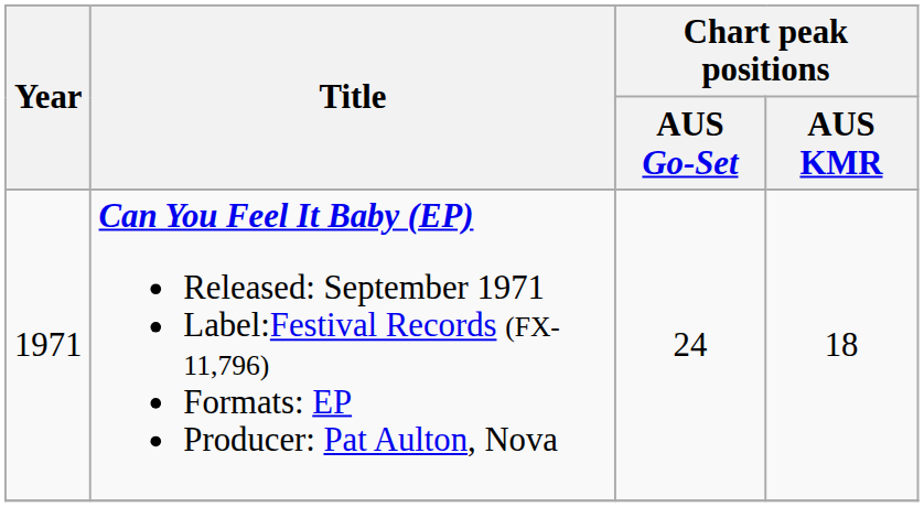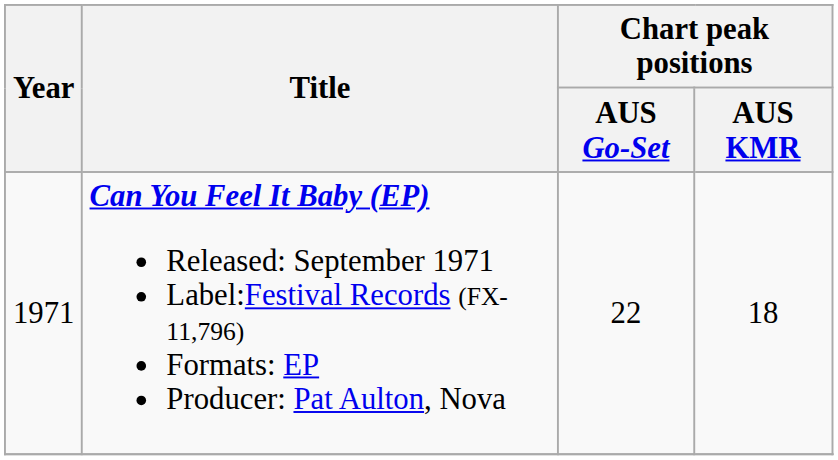 <table class="wikitable">
 <tr>
 <th rowspan="2" width="33">Year</th>
 <th rowspan="2" width="240">Title</th>
 <th colspan="2">Chart peak positions</th>
 </tr>
 <tr>
 <th style="width:4em">AUS<br><a href='#'><em>Go-Set</em></a><br></th>
 <th style="width:4em">AUS<br><a href='#'>KMR</a><br></th>
 </tr>
 <tr>
 <td align="center">1971</td>
 <td><strong><em><a href='#'>Can You Feel It Baby (EP)</a></em></strong><br><ul><li>Released: September 1971</li><li>Label:<a href='#'>Festival Records</a> <small>(FX-11,796)</small></li><li>Formats: <a href='#'>EP</a></li><li>Producer: <a href='#'>Pat Aulton</a>, Nova</li></ul></td>
-<td align="center">24</td>
+<td align="center">22</td>
 <td align="center">18</td>
 </tr>
 <tr>
 </tr>
 </table>
